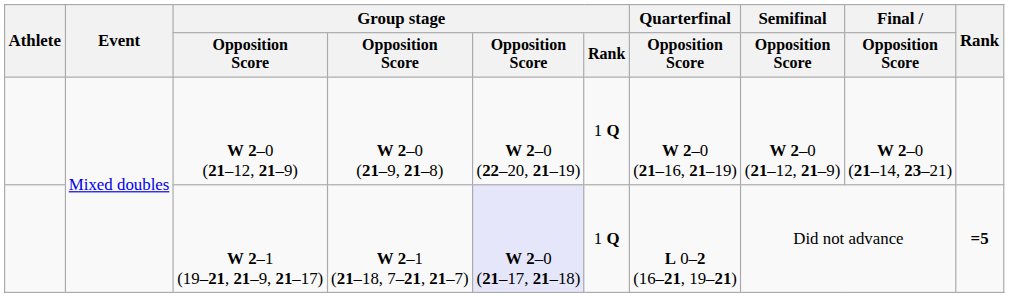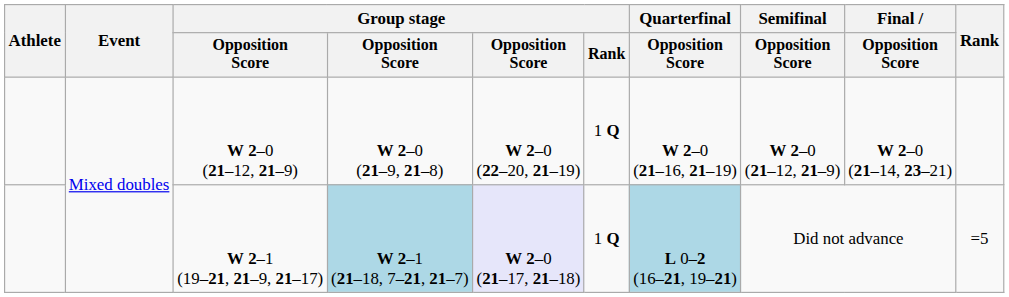 <table class="wikitable" style="font-size:90%">
 <tr>
 <th rowspan=2>Athlete</th>
 <th rowspan=2>Event</th>
 <th colspan=4>Group stage</th>
 <th>Quarterfinal</th>
 <th>Semifinal</th>
 <th>Final / </th>
 <th rowspan=2>Rank</th>
 </tr>
 <tr style="font-size:95%">
 <th>Opposition<br>Score</th>
 <th>Opposition<br>Score</th>
 <th>Opposition<br>Score</th>
 <th>Rank</th>
 <th>Opposition<br>Score</th>
 <th>Opposition<br>Score</th>
 <th>Opposition<br>Score</th>
 </tr>
 <tr align=center>
 <td align=left><br></td>
 <td rowspan=2 align=left><a href='#'>Mixed doubles</a></td>
 <td align=center><br><br><br><strong>W</strong> <strong>2</strong>–0<br>(<strong>21</strong>–12, <strong>21</strong>–9)</td>
 <td align=center><br><br><br><strong>W</strong> <strong>2</strong>–0<br>(<strong>21</strong>–9, <strong>21</strong>–8)</td>
 <td align=center><br><br><br><strong>W</strong> <strong>2</strong>–0<br>(<strong>22</strong>–20, <strong>21</strong>–19)</td>
 <td align=center>1 <strong>Q</strong></td>
 <td align=center><br><br><br><strong>W</strong> <strong>2</strong>–0<br>(<strong>21</strong>–16, <strong>21</strong>–19)</td>
 <td align=center><br><br><br><strong>W</strong> <strong>2</strong>–0<br>(<strong>21</strong>–12, <strong>21</strong>–9)</td>
 <td align=center><br><br><br><strong>W</strong> <strong>2</strong>–0<br>(<strong>21</strong>–14, <strong>23</strong>–21)</td>
 <td></td>
 </tr>
 <tr align=center>
 <td align=left><br></td>
 <td align=center><br><br><br><strong>W</strong> <strong>2</strong>–1<br>(19–<strong>21</strong>, <strong>21</strong>–9, <strong>21</strong>–17)</td>
-<td align=center><br><br><br><strong>W</strong> <strong>2</strong>–1<br>(<strong>21</strong>–18, 7–<strong>21</strong>, <strong>21</strong>–7)</td>
+<td align=center style="background: lightblue;"><br><br><br><strong>W</strong> <strong>2</strong>–1<br>(<strong>21</strong>–18, 7–<strong>21</strong>, <strong>21</strong>–7)</td>
 <td align=center style="background: lavender;"><br><br><br><strong>W</strong> <strong>2</strong>–0<br>(<strong>21</strong>–17, <strong>21</strong>–18)</td>
 <td align=center>1 <strong>Q</strong></td>
-<td align=center><br><br><br><strong>L</strong> 0–<strong>2</strong><br>(16–<strong>21</strong>, 19–<strong>21</strong>)</td>
+<td align=center style="background: lightblue;"><br><br><br><strong>L</strong> 0–<strong>2</strong><br>(16–<strong>21</strong>, 19–<strong>21</strong>)</td>
 <td colspan="2" align=center>Did not advance</td>
-<td align=center><strong>=5</strong></td>
+<td align=center>=5</td>
 </tr>
 </table>
